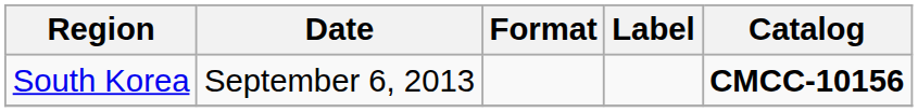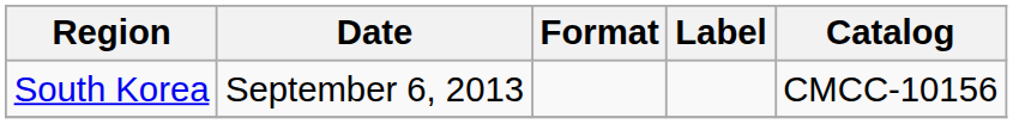 <table class="wikitable">
 <tr>
 <th>Region</th>
 <th>Date</th>
 <th>Format</th>
 <th>Label</th>
 <th>Catalog</th>
 </tr>
 <tr>
 <td align="center"><a href='#'>South Korea</a></td>
 <td align="center">September 6, 2013</td>
 <td align="center"></td>
 <td align="center"></td>
-<td align="center"><strong>CMCC-10156</strong></td>
+<td align="center">CMCC-10156</td>
 </tr>
 <tr>
 </tr>
 </table>
